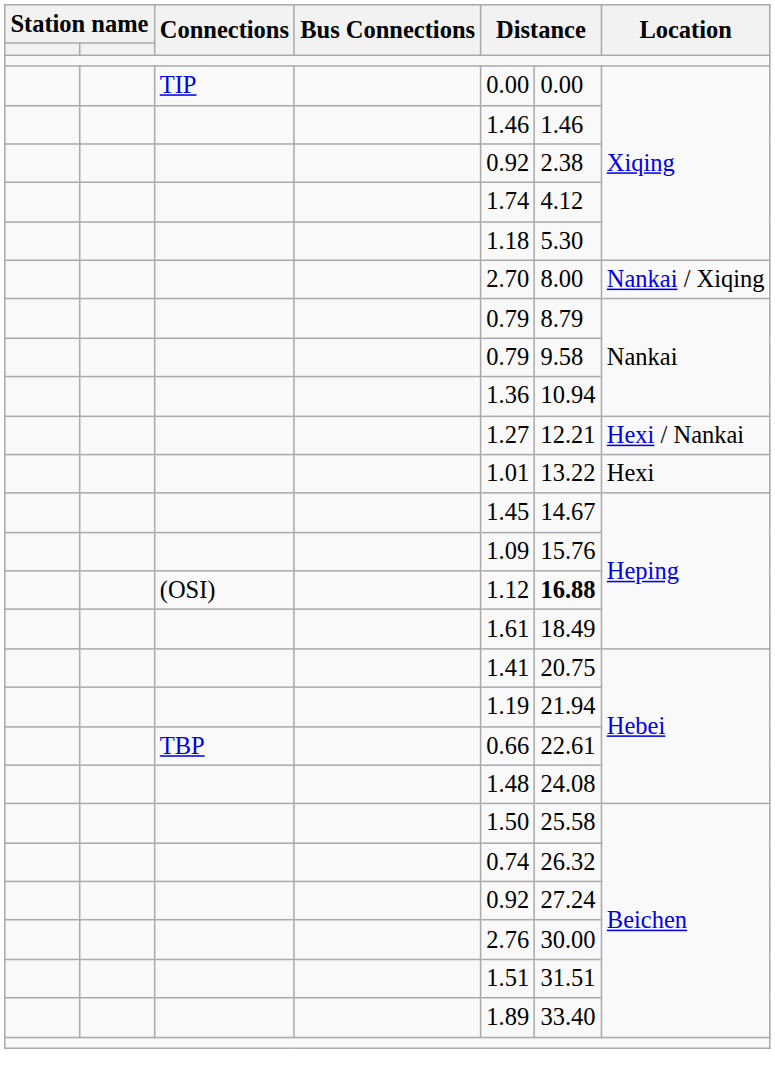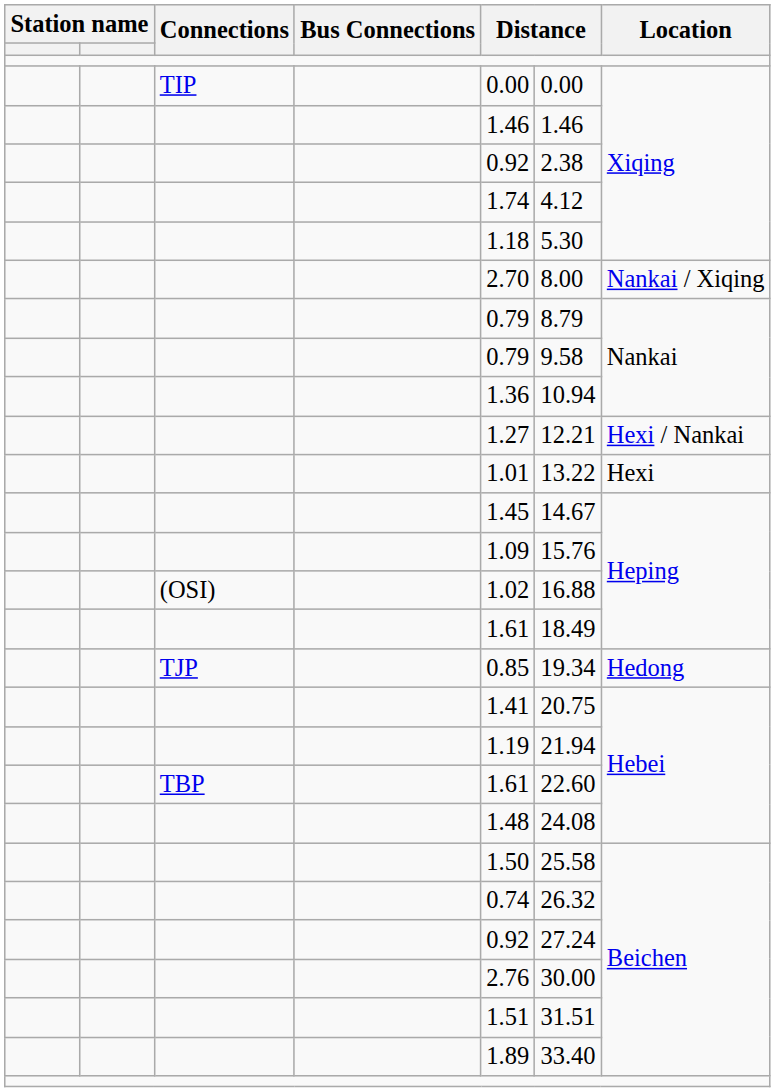 <table class="wikitable">
 <tr>
 <th colspan="2">Station name</th>
 <th rowspan="2">Connections</th>
 <th rowspan="2">Bus Connections</th>
 <th colspan="2" rowspan="2">Distance<br></th>
 <th rowspan="2">Location</th>
 </tr>
 <tr>
 <th></th>
 <th></th>
 </tr>
 <tr style="background:#">
 <td colspan = "7"></td>
 </tr>
 <tr>
 <td></td>
 <td></td>
 <td> <a href='#'>TIP</a></td>
 <td></td>
 <td>0.00</td>
 <td>0.00</td>
 <td rowspan="5"><a href='#'>Xiqing</a></td>
 </tr>
 <tr>
 <td></td>
 <td></td>
 <td></td>
 <td></td>
 <td>1.46</td>
 <td>1.46</td>
 </tr>
 <tr>
 <td></td>
 <td></td>
 <td></td>
 <td></td>
 <td>0.92</td>
 <td>2.38</td>
 </tr>
 <tr>
 <td></td>
 <td></td>
 <td></td>
 <td></td>
 <td>1.74</td>
 <td>4.12</td>
 </tr>
 <tr>
 <td></td>
 <td></td>
 <td></td>
 <td></td>
 <td>1.18</td>
 <td>5.30</td>
 </tr>
 <tr>
 <td></td>
 <td></td>
 <td></td>
 <td></td>
 <td>2.70</td>
 <td>8.00</td>
 <td><a href='#'>Nankai</a> / Xiqing</td>
 </tr>
 <tr>
 <td></td>
 <td></td>
 <td></td>
 <td></td>
 <td>0.79</td>
 <td>8.79</td>
 <td rowspan="3">Nankai</td>
 </tr>
 <tr>
 <td></td>
 <td></td>
 <td></td>
 <td></td>
 <td>0.79</td>
 <td>9.58</td>
 </tr>
 <tr>
 <td></td>
 <td></td>
 <td></td>
 <td></td>
 <td>1.36</td>
 <td>10.94</td>
 </tr>
 <tr>
 <td></td>
 <td></td>
 <td></td>
 <td></td>
 <td>1.27</td>
 <td>12.21</td>
 <td><a href='#'>Hexi</a> / Nankai</td>
 </tr>
 <tr>
 <td></td>
 <td></td>
 <td></td>
 <td></td>
 <td>1.01</td>
 <td>13.22</td>
 <td>Hexi</td>
 </tr>
 <tr>
 <td></td>
 <td></td>
 <td></td>
 <td></td>
 <td>1.45</td>
 <td>14.67</td>
 <td rowspan="4"><a href='#'>Heping</a></td>
 </tr>
 <tr>
 <td></td>
 <td></td>
 <td></td>
 <td></td>
 <td>1.09</td>
 <td>15.76</td>
 </tr>
 <tr>
 <td></td>
 <td></td>
 <td> (OSI)</td>
 <td></td>
-<td>1.12</td>
-<td><strong>16.88</strong></td>
+<td>1.02</td>
+<td>16.88</td>
 </tr>
 <tr>
 <td></td>
 <td></td>
 <td></td>
 <td></td>
 <td>1.61</td>
 <td>18.49</td>
+</tr>
+<tr>
+<td></td>
+<td></td>
+<td>   <a href='#'>TJP</a></td>
+<td></td>
+<td>0.85</td>
+<td>19.34</td>
+<td><a href='#'>Hedong</a></td>
 </tr>
 <tr>
 <td></td>
 <td></td>
 <td></td>
 <td></td>
 <td>1.41</td>
 <td>20.75</td>
 <td rowspan="4"><a href='#'>Hebei</a></td>
 </tr>
 <tr>
 <td></td>
 <td></td>
 <td></td>
 <td></td>
 <td>1.19</td>
 <td>21.94</td>
 </tr>
 <tr>
 <td></td>
 <td></td>
 <td>  <a href='#'>TBP</a></td>
 <td></td>
-<td>0.66</td>
-<td>22.61</td>
+<td>1.61</td>
+<td>22.60</td>
 </tr>
 <tr>
 <td></td>
 <td></td>
 <td></td>
 <td></td>
 <td>1.48</td>
 <td>24.08</td>
 </tr>
 <tr>
 <td></td>
 <td></td>
 <td></td>
 <td></td>
 <td>1.50</td>
 <td>25.58</td>
 <td rowspan="6"><a href='#'>Beichen</a></td>
 </tr>
 <tr>
 <td></td>
 <td></td>
 <td></td>
 <td></td>
 <td>0.74</td>
 <td>26.32</td>
 </tr>
 <tr>
 <td></td>
 <td></td>
 <td></td>
 <td></td>
 <td>0.92</td>
 <td>27.24</td>
 </tr>
 <tr>
 <td></td>
 <td></td>
 <td></td>
 <td></td>
 <td>2.76</td>
 <td>30.00</td>
 </tr>
 <tr>
 <td></td>
 <td></td>
 <td></td>
 <td></td>
 <td>1.51</td>
 <td>31.51</td>
 </tr>
 <tr>
 <td></td>
 <td></td>
 <td></td>
 <td></td>
 <td>1.89</td>
 <td>33.40</td>
 </tr>
 <tr style="background:#">
 <td colspan = "7"></td>
 </tr>
 </table>
